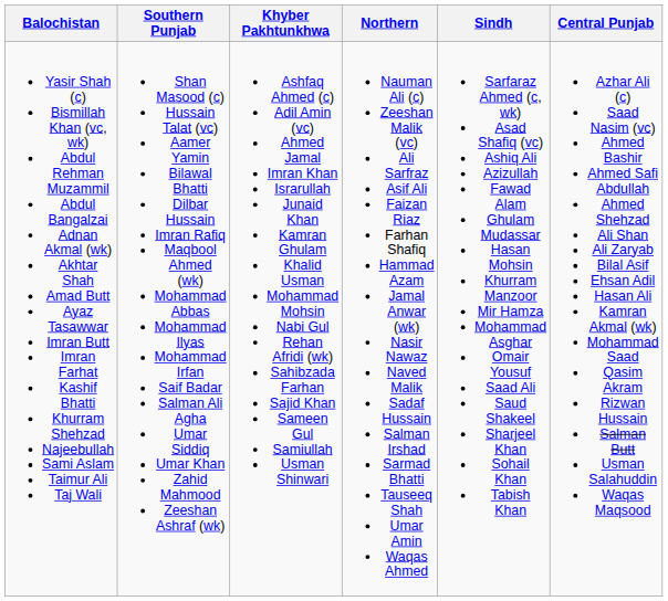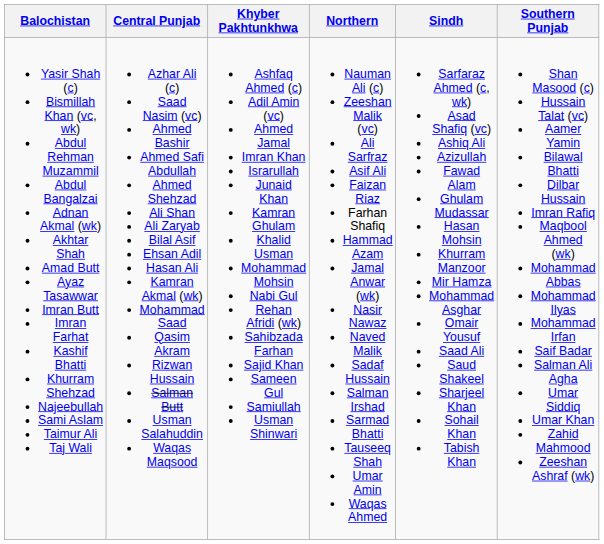 <table class="wikitable" style="text-align:center; margin:auto">
 <tr>
 <th><a href='#'>Balochistan</a></th>
-<th><a href='#'>Southern Punjab</a></th>
+<th><a href='#'>Central Punjab</a></th>
 <th><a href='#'>Khyber Pakhtunkhwa</a></th>
 <th><a href='#'>Northern</a></th>
 <th><a href='#'>Sindh</a></th>
-<th><a href='#'>Central Punjab</a></th>
+<th><a href='#'>Southern Punjab</a></th>
 </tr>
 <tr style="vertical-align:top">
 <td><br><ul><li><a href='#'>Yasir Shah</a> (<a href='#'>c</a>)</li><li><a href='#'>Bismillah Khan</a> (<a href='#'>vc</a>, <a href='#'>wk</a>)</li><li><a href='#'>Abdul Rehman Muzammil</a></li><li><a href='#'>Abdul Bangalzai</a></li><li><a href='#'>Adnan Akmal</a> (<a href='#'>wk</a>)</li><li><a href='#'>Akhtar Shah</a></li><li><a href='#'>Amad Butt</a></li><li><a href='#'>Ayaz Tasawwar</a></li><li><a href='#'>Imran Butt</a></li><li><a href='#'>Imran Farhat</a></li><li><a href='#'>Kashif Bhatti</a></li><li><a href='#'>Khurram Shehzad</a></li><li><a href='#'>Najeebullah</a></li><li><a href='#'>Sami Aslam</a></li><li><a href='#'>Taimur Ali</a></li><li><a href='#'>Taj Wali</a></li></ul></td>
-<td><br><ul><li><a href='#'>Shan Masood</a> (<a href='#'>c</a>)</li><li><a href='#'>Hussain Talat</a> (<a href='#'>vc</a>)</li><li><a href='#'>Aamer Yamin</a></li><li><a href='#'>Bilawal Bhatti</a></li><li><a href='#'>Dilbar Hussain</a></li><li><a href='#'>Imran Rafiq</a></li><li><a href='#'>Maqbool Ahmed</a> (<a href='#'>wk</a>)</li><li><a href='#'>Mohammad Abbas</a></li><li><a href='#'>Mohammad Ilyas</a></li><li><a href='#'>Mohammad Irfan</a></li><li><a href='#'>Saif Badar</a></li><li><a href='#'>Salman Ali Agha</a></li><li><a href='#'>Umar Siddiq</a></li><li><a href='#'>Umar Khan</a></li><li><a href='#'>Zahid Mahmood</a></li><li><a href='#'>Zeeshan Ashraf</a> (<a href='#'>wk</a>)</li></ul></td>
+<td><br><ul><li><a href='#'>Azhar Ali</a> (<a href='#'>c</a>)</li><li><a href='#'>Saad Nasim</a> (<a href='#'>vc</a>)</li><li><a href='#'>Ahmed Bashir</a></li><li><a href='#'>Ahmed Safi Abdullah</a></li><li><a href='#'>Ahmed Shehzad</a></li><li><a href='#'>Ali Shan</a></li><li><a href='#'>Ali Zaryab</a></li><li><a href='#'>Bilal Asif</a></li><li><a href='#'>Ehsan Adil</a></li><li><a href='#'>Hasan Ali</a></li><li><a href='#'>Kamran Akmal</a> (<a href='#'>wk</a>)</li><li><a href='#'>Mohammad Saad</a></li><li><a href='#'>Qasim Akram</a></li><li><a href='#'>Rizwan Hussain</a></li><li><s><a href='#'>Salman Butt</a></s></li><li><a href='#'>Usman Salahuddin</a></li><li><a href='#'>Waqas Maqsood</a></li></ul></td>
 <td><br><ul><li><a href='#'>Ashfaq Ahmed</a> (<a href='#'>c</a>)</li><li><a href='#'>Adil Amin</a> (<a href='#'>vc</a>)</li><li><a href='#'>Ahmed Jamal</a></li><li><a href='#'>Imran Khan</a></li><li><a href='#'>Israrullah</a></li><li><a href='#'>Junaid Khan</a></li><li><a href='#'>Kamran Ghulam</a></li><li><a href='#'>Khalid Usman</a></li><li><a href='#'>Mohammad Mohsin</a></li><li><a href='#'>Nabi Gul</a></li><li><a href='#'>Rehan Afridi</a> (<a href='#'>wk</a>)</li><li><a href='#'>Sahibzada Farhan</a></li><li><a href='#'>Sajid Khan</a></li><li><a href='#'>Sameen Gul</a></li><li><a href='#'>Samiullah</a></li><li><a href='#'>Usman Shinwari</a></li></ul></td>
 <td><br><ul><li><a href='#'>Nauman Ali</a> (<a href='#'>c</a>)</li><li><a href='#'>Zeeshan Malik</a> (<a href='#'>vc</a>)</li><li><a href='#'>Ali Sarfraz</a></li><li><a href='#'>Asif Ali</a></li><li><a href='#'>Faizan Riaz</a></li><li>Farhan Shafiq</li><li><a href='#'>Hammad Azam</a></li><li><a href='#'>Jamal Anwar</a> (<a href='#'>wk</a>)</li><li><a href='#'>Nasir Nawaz</a></li><li><a href='#'>Naved Malik</a></li><li><a href='#'>Sadaf Hussain</a></li><li><a href='#'>Salman Irshad</a></li><li><a href='#'>Sarmad Bhatti</a></li><li><a href='#'>Tauseeq Shah</a></li><li><a href='#'>Umar Amin</a></li><li><a href='#'>Waqas Ahmed</a></li></ul></td>
 <td><br><ul><li><a href='#'>Sarfaraz Ahmed</a> (<a href='#'>c</a>, <a href='#'>wk</a>)</li><li><a href='#'>Asad Shafiq</a> (<a href='#'>vc</a>)</li><li><a href='#'>Ashiq Ali</a></li><li><a href='#'>Azizullah</a></li><li><a href='#'>Fawad Alam</a></li><li><a href='#'>Ghulam Mudassar</a></li><li><a href='#'>Hasan Mohsin</a></li><li><a href='#'>Khurram Manzoor</a></li><li><a href='#'>Mir Hamza</a></li><li><a href='#'>Mohammad Asghar</a></li><li><a href='#'>Omair Yousuf</a></li><li><a href='#'>Saad Ali</a></li><li><a href='#'>Saud Shakeel</a></li><li><a href='#'>Sharjeel Khan</a></li><li><a href='#'>Sohail Khan</a></li><li><a href='#'>Tabish Khan</a></li></ul></td>
-<td><br><ul><li><a href='#'>Azhar Ali</a> (<a href='#'>c</a>)</li><li><a href='#'>Saad Nasim</a> (<a href='#'>vc</a>)</li><li><a href='#'>Ahmed Bashir</a></li><li><a href='#'>Ahmed Safi Abdullah</a></li><li><a href='#'>Ahmed Shehzad</a></li><li><a href='#'>Ali Shan</a></li><li><a href='#'>Ali Zaryab</a></li><li><a href='#'>Bilal Asif</a></li><li><a href='#'>Ehsan Adil</a></li><li><a href='#'>Hasan Ali</a></li><li><a href='#'>Kamran Akmal</a> (<a href='#'>wk</a>)</li><li><a href='#'>Mohammad Saad</a></li><li><a href='#'>Qasim Akram</a></li><li><a href='#'>Rizwan Hussain</a></li><li><s><a href='#'>Salman Butt</a></s></li><li><a href='#'>Usman Salahuddin</a></li><li><a href='#'>Waqas Maqsood</a></li></ul></td>
+<td><br><ul><li><a href='#'>Shan Masood</a> (<a href='#'>c</a>)</li><li><a href='#'>Hussain Talat</a> (<a href='#'>vc</a>)</li><li><a href='#'>Aamer Yamin</a></li><li><a href='#'>Bilawal Bhatti</a></li><li><a href='#'>Dilbar Hussain</a></li><li><a href='#'>Imran Rafiq</a></li><li><a href='#'>Maqbool Ahmed</a> (<a href='#'>wk</a>)</li><li><a href='#'>Mohammad Abbas</a></li><li><a href='#'>Mohammad Ilyas</a></li><li><a href='#'>Mohammad Irfan</a></li><li><a href='#'>Saif Badar</a></li><li><a href='#'>Salman Ali Agha</a></li><li><a href='#'>Umar Siddiq</a></li><li><a href='#'>Umar Khan</a></li><li><a href='#'>Zahid Mahmood</a></li><li><a href='#'>Zeeshan Ashraf</a> (<a href='#'>wk</a>)</li></ul></td>
 </tr>
 </table>
